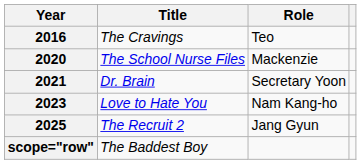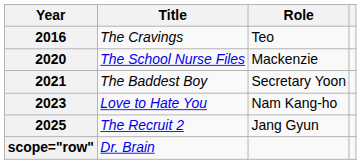 <table class="wikitable plainrowheaders">
 <tr>
 <th scope="col">Year</th>
 <th scope="col">Title</th>
 <th scope="col">Role</th>
 <th scope="col" class="unsortable"></th>
 </tr>
 <tr>
 <th scope="row">2016</th>
 <td><em>The Cravings</em></td>
 <td>Teo</td>
 <td style="text-align:center"></td>
 </tr>
 <tr>
 <th scope="row">2020</th>
 <td><em><a href='#'>The School Nurse Files</a></em></td>
 <td>Mackenzie</td>
 <td style="text-align:center"></td>
 </tr>
 <tr>
 <th scope="row">2021</th>
-<td><em><a href='#'>Dr. Brain</a></em></td>
+<td><em>The Baddest Boy</em></td>
 <td>Secretary Yoon</td>
 <td style="text-align:center"></td>
 </tr>
 <tr>
 <th scope="row">2023</th>
 <td><em><a href='#'>Love to Hate You</a></em></td>
 <td>Nam Kang-ho</td>
 <td style="text-align:center"></td>
 </tr>
 <tr>
 <th scope="row">2025</th>
 <td><em><a href='#'>The Recruit 2</a></em></td>
 <td>Jang Gyun</td>
 <td style="text-align:center"></td>
 </tr>
 <tr>
 <th>scope="row" </th>
-<td><em>The Baddest Boy</em></td>
+<td><em><a href='#'>Dr. Brain</a></em></td>
 <td></td>
 <td style="text-align:center"></td>
 </tr>
 </table>
